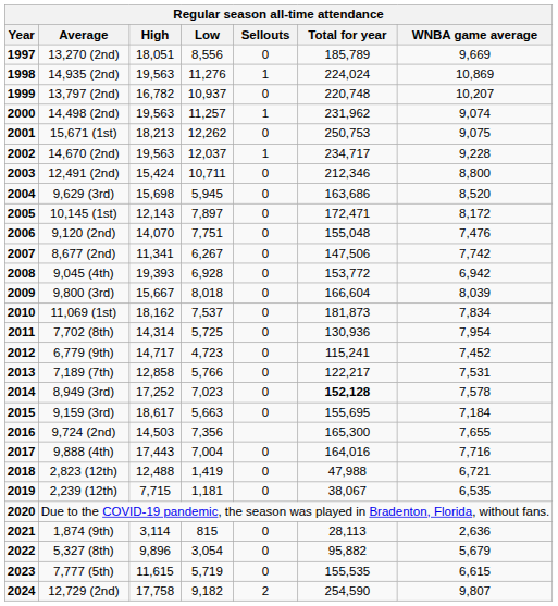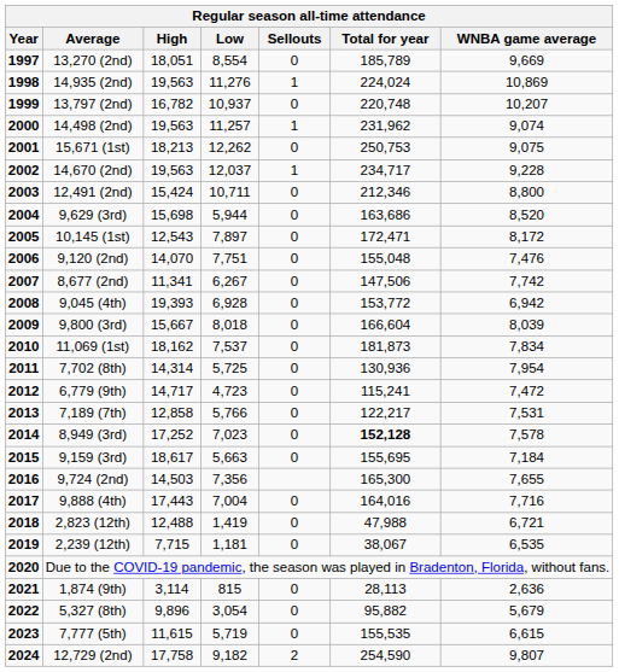 <table class="wikitable" style="clear:both; margin:1.5em auto; text-align:center;">
 <tr>
 <th colspan=7>Regular season all-time attendance</th>
 </tr>
 <tr>
 <th>Year</th>
 <th>Average</th>
 <th>High</th>
 <th>Low</th>
 <th>Sellouts</th>
 <th>Total for year</th>
 <th>WNBA game average</th>
 </tr>
 <tr>
 <td><strong>1997</strong></td>
 <td>13,270 (2nd)</td>
 <td>18,051</td>
-<td>8,556</td>
+<td>8,554</td>
 <td>0</td>
 <td>185,789</td>
 <td>9,669</td>
 </tr>
 <tr>
 <td><strong>1998</strong></td>
 <td>14,935 (2nd)</td>
 <td>19,563</td>
 <td>11,276</td>
 <td>1</td>
 <td>224,024</td>
 <td>10,869</td>
 </tr>
 <tr>
 <td><strong>1999</strong></td>
 <td>13,797 (2nd)</td>
 <td>16,782</td>
 <td>10,937</td>
 <td>0</td>
 <td>220,748</td>
 <td>10,207</td>
 </tr>
 <tr>
 <td><strong>2000</strong></td>
 <td>14,498 (2nd)</td>
 <td>19,563</td>
 <td>11,257</td>
 <td>1</td>
 <td>231,962</td>
 <td>9,074</td>
 </tr>
 <tr>
 <td><strong>2001</strong></td>
 <td>15,671 (1st)</td>
 <td>18,213</td>
 <td>12,262</td>
 <td>0</td>
 <td>250,753</td>
 <td>9,075</td>
 </tr>
 <tr>
 <td><strong>2002</strong></td>
 <td>14,670 (2nd)</td>
 <td>19,563</td>
 <td>12,037</td>
 <td>1</td>
 <td>234,717</td>
 <td>9,228</td>
 </tr>
 <tr>
 <td><strong>2003</strong></td>
 <td>12,491 (2nd)</td>
 <td>15,424</td>
 <td>10,711</td>
 <td>0</td>
 <td>212,346</td>
 <td>8,800</td>
 </tr>
 <tr>
 <td><strong>2004</strong></td>
 <td>9,629 (3rd)</td>
 <td>15,698</td>
-<td>5,945</td>
+<td>5,944</td>
 <td>0</td>
 <td>163,686</td>
 <td>8,520</td>
 </tr>
 <tr>
 <td><strong>2005</strong></td>
 <td>10,145 (1st)</td>
-<td>12,143</td>
+<td>12,543</td>
 <td>7,897</td>
 <td>0</td>
 <td>172,471</td>
 <td>8,172</td>
 </tr>
 <tr>
 <td><strong>2006</strong></td>
 <td>9,120 (2nd)</td>
 <td>14,070</td>
 <td>7,751</td>
 <td>0</td>
 <td>155,048</td>
 <td>7,476</td>
 </tr>
 <tr>
 <td><strong>2007</strong></td>
 <td>8,677 (2nd)</td>
 <td>11,341</td>
 <td>6,267</td>
 <td>0</td>
 <td>147,506</td>
 <td>7,742</td>
 </tr>
 <tr>
 <td><strong>2008</strong></td>
 <td>9,045 (4th)</td>
 <td>19,393</td>
 <td>6,928</td>
 <td>0</td>
 <td>153,772</td>
 <td>6,942</td>
 </tr>
 <tr>
 <td><strong>2009</strong></td>
 <td>9,800 (3rd)</td>
 <td>15,667</td>
 <td>8,018</td>
 <td>0</td>
 <td>166,604</td>
 <td>8,039</td>
 </tr>
 <tr>
 <td><strong>2010</strong></td>
 <td>11,069 (1st)</td>
 <td>18,162</td>
 <td>7,537</td>
 <td>0</td>
 <td>181,873</td>
 <td>7,834</td>
 </tr>
 <tr>
 <td><strong>2011</strong></td>
 <td>7,702 (8th)</td>
 <td>14,314</td>
 <td>5,725</td>
 <td>0</td>
 <td>130,936</td>
 <td>7,954</td>
 </tr>
 <tr>
 <td><strong>2012</strong></td>
 <td>6,779 (9th)</td>
 <td>14,717</td>
 <td>4,723</td>
 <td>0</td>
 <td>115,241</td>
-<td>7,452</td>
+<td>7,472</td>
 </tr>
 <tr>
 <td><strong>2013</strong></td>
 <td>7,189 (7th)</td>
 <td>12,858</td>
 <td>5,766</td>
 <td>0</td>
 <td>122,217</td>
 <td>7,531</td>
 </tr>
 <tr>
 <td><strong>2014</strong></td>
 <td>8,949 (3rd)</td>
 <td>17,252</td>
 <td>7,023</td>
 <td>0</td>
 <td><strong>152,128</strong></td>
 <td>7,578</td>
 </tr>
 <tr>
 <td><strong>2015</strong></td>
 <td>9,159 (3rd)</td>
 <td>18,617</td>
 <td>5,663</td>
 <td>0</td>
 <td>155,695</td>
 <td>7,184</td>
 </tr>
 <tr>
 <td><strong>2016</strong></td>
 <td>9,724 (2nd)</td>
 <td>14,503</td>
 <td>7,356</td>
 <td></td>
 <td>165,300</td>
 <td>7,655</td>
 </tr>
 <tr>
 <td><strong>2017</strong></td>
 <td>9,888 (4th)</td>
 <td>17,443</td>
 <td>7,004</td>
 <td>0</td>
 <td>164,016</td>
 <td>7,716</td>
 </tr>
 <tr>
 <td><strong>2018</strong></td>
 <td>2,823 (12th)</td>
 <td>12,488</td>
 <td>1,419</td>
 <td>0</td>
 <td>47,988</td>
 <td>6,721</td>
 </tr>
 <tr>
 <td><strong>2019</strong></td>
 <td>2,239 (12th)</td>
 <td>7,715</td>
 <td>1,181</td>
 <td>0</td>
 <td>38,067</td>
 <td>6,535</td>
 </tr>
 <tr>
 <td><strong>2020</strong></td>
 <td colspan=6>Due to the <a href='#'>COVID-19 pandemic</a>, the season was played in <a href='#'>Bradenton, Florida</a>, without fans.</td>
 </tr>
 <tr>
 <td><strong>2021</strong></td>
 <td>1,874 (9th)</td>
 <td>3,114</td>
 <td>815</td>
 <td>0</td>
 <td>28,113</td>
 <td>2,636</td>
 </tr>
 <tr>
 <td><strong>2022</strong></td>
 <td>5,327 (8th)</td>
 <td>9,896</td>
 <td>3,054</td>
 <td>0</td>
 <td>95,882</td>
 <td>5,679</td>
 </tr>
 <tr>
 <td><strong>2023</strong></td>
 <td>7,777 (5th)</td>
 <td>11,615</td>
 <td>5,719</td>
 <td>0</td>
 <td>155,535</td>
 <td>6,615</td>
 </tr>
 <tr>
 <td><strong>2024</strong></td>
 <td>12,729 (2nd)</td>
 <td>17,758</td>
 <td>9,182</td>
 <td>2</td>
 <td>254,590</td>
 <td>9,807</td>
 </tr>
 </table>
